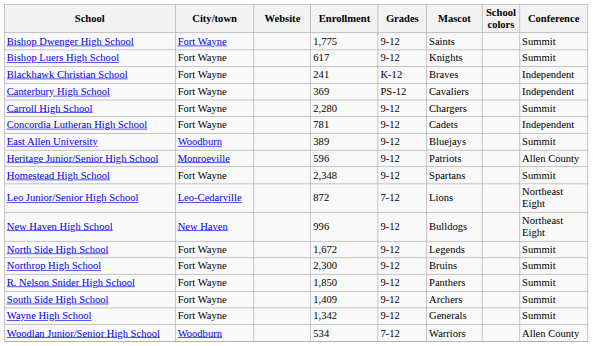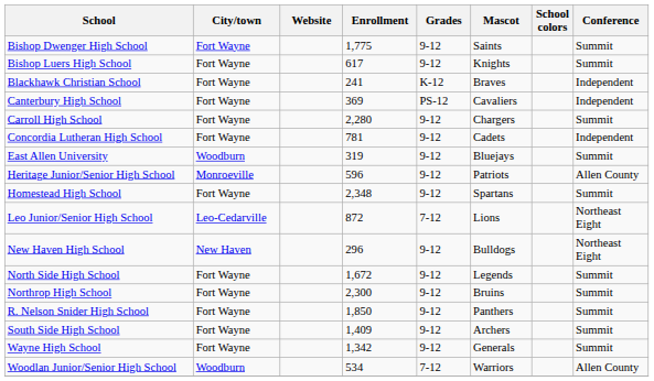 <table class="wikitable sortable" width="70%">
 <tr>
 <th width="20%">School</th>
 <th width="08%">City/town</th>
 <th width="06%">Website</th>
 <th width="04%">Enrollment</th>
 <th width="04%">Grades</th>
 <th width="04%">Mascot</th>
 <th width=01%>School colors</th>
 <th width="04%">Conference</th>
 </tr>
 <tr>
 <td><a href='#'>Bishop Dwenger High School</a></td>
 <td><a href='#'>Fort Wayne</a></td>
 <td></td>
 <td>1,775</td>
 <td>9-12</td>
 <td>Saints</td>
 <td> </td>
 <td>Summit</td>
 </tr>
 <tr>
 <td><a href='#'>Bishop Luers High School</a></td>
 <td>Fort Wayne</td>
 <td></td>
 <td>617</td>
 <td>9-12</td>
 <td>Knights</td>
 <td> </td>
 <td>Summit</td>
 </tr>
 <tr>
 <td><a href='#'>Blackhawk Christian School</a></td>
 <td>Fort Wayne</td>
 <td></td>
 <td>241</td>
 <td>K-12</td>
 <td>Braves</td>
 <td> </td>
 <td>Independent</td>
 </tr>
 <tr>
 <td><a href='#'>Canterbury High School</a></td>
 <td>Fort Wayne</td>
 <td></td>
 <td>369</td>
 <td>PS-12</td>
 <td>Cavaliers</td>
 <td> </td>
 <td>Independent</td>
 </tr>
 <tr>
 <td><a href='#'>Carroll High School</a></td>
 <td>Fort Wayne</td>
 <td></td>
 <td>2,280</td>
 <td>9-12</td>
 <td>Chargers</td>
 <td> </td>
 <td>Summit</td>
 </tr>
 <tr>
 <td><a href='#'>Concordia Lutheran High School</a></td>
 <td>Fort Wayne</td>
 <td></td>
 <td>781</td>
 <td>9-12</td>
 <td>Cadets</td>
 <td> </td>
 <td>Independent</td>
 </tr>
 <tr>
 <td><a href='#'>East Allen University</a></td>
 <td><a href='#'>Woodburn</a></td>
 <td></td>
-<td>389</td>
+<td>319</td>
 <td>9-12</td>
 <td>Bluejays</td>
 <td> </td>
 <td>Summit</td>
 </tr>
 <tr>
 <td><a href='#'>Heritage Junior/Senior High School</a></td>
 <td><a href='#'>Monroeville</a></td>
 <td></td>
 <td>596</td>
 <td>9-12</td>
 <td>Patriots</td>
 <td> </td>
 <td>Allen County</td>
 </tr>
 <tr>
 <td><a href='#'>Homestead High School</a></td>
 <td>Fort Wayne</td>
 <td></td>
 <td>2,348</td>
 <td>9-12</td>
 <td>Spartans</td>
 <td> </td>
 <td>Summit</td>
 </tr>
 <tr>
 <td><a href='#'>Leo Junior/Senior High School</a></td>
 <td><a href='#'>Leo-Cedarville</a></td>
 <td></td>
 <td>872</td>
 <td>7-12</td>
 <td>Lions</td>
 <td> </td>
 <td>Northeast Eight</td>
 </tr>
 <tr>
 <td><a href='#'>New Haven High School</a></td>
 <td><a href='#'>New Haven</a></td>
 <td></td>
-<td>996</td>
+<td>296</td>
 <td>9-12</td>
 <td>Bulldogs</td>
 <td> </td>
 <td>Northeast Eight</td>
 </tr>
 <tr>
 <td><a href='#'>North Side High School</a></td>
 <td>Fort Wayne</td>
 <td></td>
 <td>1,672</td>
 <td>9-12</td>
 <td>Legends</td>
 <td> </td>
 <td>Summit</td>
 </tr>
 <tr>
 <td><a href='#'>Northrop High School</a></td>
 <td>Fort Wayne</td>
 <td></td>
 <td>2,300</td>
 <td>9-12</td>
 <td>Bruins</td>
 <td> </td>
 <td>Summit</td>
 </tr>
 <tr>
 <td><a href='#'>R. Nelson Snider High School</a></td>
 <td>Fort Wayne</td>
 <td></td>
 <td>1,850</td>
 <td>9-12</td>
 <td>Panthers</td>
 <td> </td>
 <td>Summit</td>
 </tr>
 <tr>
 <td><a href='#'>South Side High School</a></td>
 <td>Fort Wayne</td>
 <td></td>
 <td>1,409</td>
 <td>9-12</td>
 <td>Archers</td>
 <td> </td>
 <td>Summit</td>
 </tr>
 <tr>
 <td><a href='#'>Wayne High School</a></td>
 <td>Fort Wayne</td>
 <td></td>
 <td>1,342</td>
 <td>9-12</td>
 <td>Generals</td>
 <td> </td>
 <td>Summit</td>
 </tr>
 <tr>
 <td><a href='#'>Woodlan Junior/Senior High School</a></td>
 <td><a href='#'>Woodburn</a></td>
 <td></td>
 <td>534</td>
 <td>7-12</td>
 <td>Warriors</td>
 <td> </td>
 <td>Allen County</td>
 </tr>
 <tr>
 </tr>
 </table>
